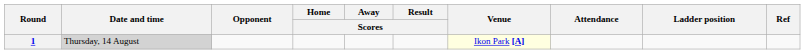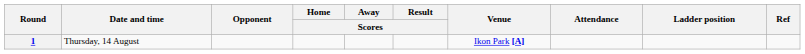 <table class="wikitable plainrowheaders" style="font-size:90%; width:100%; text-align:center;">
 <tr>
 <th scope="col" rowspan="2">Round</th>
 <th scope="col" rowspan="2">Date and time</th>
 <th scope="col" rowspan="2">Opponent</th>
 <th scope="col">Home</th>
 <th scope="col">Away</th>
 <th scope="col">Result</th>
 <th scope="col" rowspan="2">Venue</th>
 <th scope="col" rowspan="2">Attendance</th>
 <th scope="col" rowspan="2">Ladder position</th>
 <th scope="col" class="unsortable" rowspan=2>Ref</th>
 </tr>
 <tr>
 <th scope="col" colspan="3">Scores</th>
 </tr>
 <tr>
 <th scope="row" style="text-align: center;"><a href='#'>1</a></th>
-<td align=left style="background: lightgrey;">Thursday, 14 August </td>
+<td align=left>Thursday, 14 August </td>
 <td align=left></td>
 <td></td>
 <td></td>
 <td></td>
-<td style="background: lightyellow;"><a href='#'>Ikon Park</a> <a href='#'><strong>[A]</strong></a></td>
+<td><a href='#'>Ikon Park</a> <a href='#'><strong>[A]</strong></a></td>
 <td></td>
 <td></td>
 <td></td>
 </tr>
 </table>
